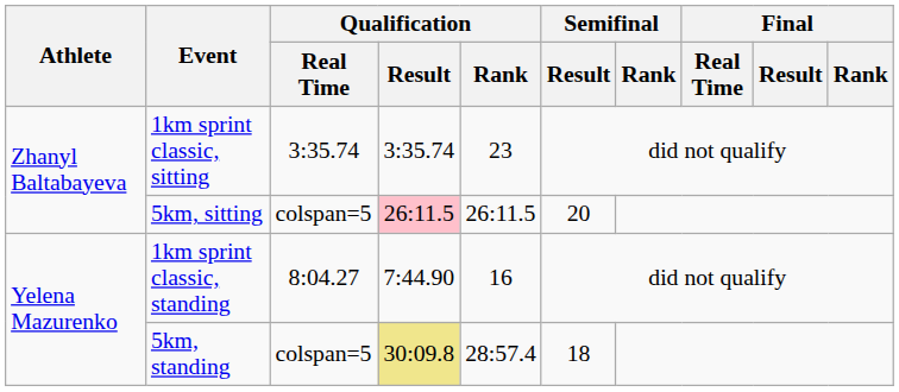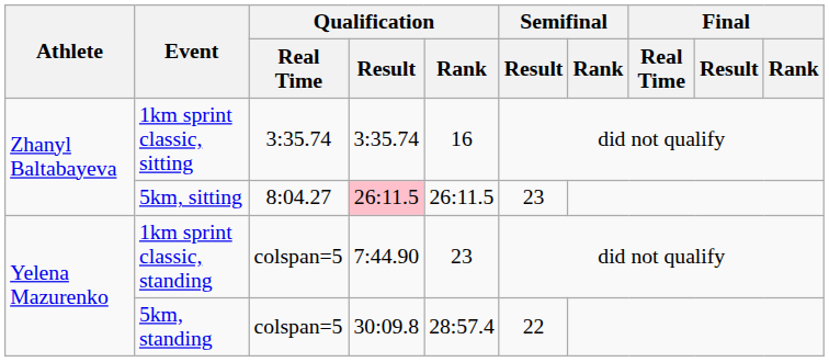 <table class="wikitable" style="font-size:100%">
 <tr>
 <th rowspan="2">Athlete</th>
 <th rowspan="2">Event</th>
 <th colspan="3">Qualification</th>
 <th colspan="2">Semifinal</th>
 <th colspan="3">Final</th>
 </tr>
 <tr>
 <th>Real Time</th>
 <th>Result</th>
 <th>Rank</th>
 <th>Result</th>
 <th>Rank</th>
 <th>Real Time</th>
 <th>Result</th>
 <th>Rank</th>
 </tr>
 <tr>
 <td rowspan=2><a href='#'>Zhanyl Baltabayeva</a></td>
 <td><a href='#'>1km sprint classic, sitting</a></td>
 <td align="center">3:35.74</td>
 <td align="center">3:35.74</td>
-<td align="center">23</td>
+<td align="center">16</td>
 <td colspan=5 align="center">did not qualify</td>
 </tr>
 <tr>
 <td><a href='#'>5km, sitting</a></td>
-<td>colspan=5 </td>
+<td align="center">8:04.27</td>
 <td align="center" style="background: pink;">26:11.5</td>
 <td align="center">26:11.5</td>
-<td align="center">20</td>
+<td align="center">23</td>
 </tr>
 <tr>
 <td rowspan=2><a href='#'>Yelena Mazurenko</a></td>
 <td><a href='#'>1km sprint classic, standing</a></td>
-<td align="center">8:04.27</td>
+<td>colspan=5 </td>
 <td align="center">7:44.90</td>
-<td align="center">16</td>
+<td align="center">23</td>
 <td colspan=5 align="center">did not qualify</td>
 </tr>
 <tr>
 <td><a href='#'>5km, standing</a></td>
 <td>colspan=5 </td>
-<td align="center" style="background: khaki;">30:09.8</td>
+<td align="center">30:09.8</td>
 <td align="center">28:57.4</td>
-<td align="center">18</td>
+<td align="center">22</td>
 </tr>
 </table>
